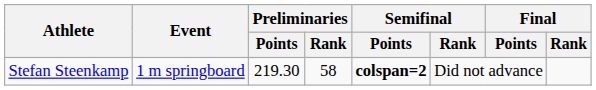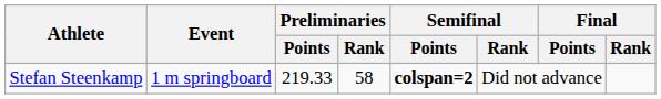 <table class="wikitable" style="text-align:center; font-size:90%;">
 <tr>
 <th rowspan=2>Athlete</th>
 <th rowspan=2>Event</th>
 <th colspan=2>Preliminaries</th>
 <th colspan=2>Semifinal</th>
 <th colspan=2>Final</th>
 </tr>
 <tr style="font-size:95%">
 <th>Points</th>
 <th>Rank</th>
 <th>Points</th>
 <th>Rank</th>
 <th>Points</th>
 <th>Rank</th>
 </tr>
 <tr>
 <td align=left><a href='#'>Stefan Steenkamp</a></td>
 <td align=left><a href='#'>1 m springboard</a></td>
-<td>219.30</td>
+<td>219.33</td>
 <td>58</td>
 <td><strong>colspan=2 </strong></td>
 <td colspan=2>Did not advance</td>
 </tr>
 </table>
